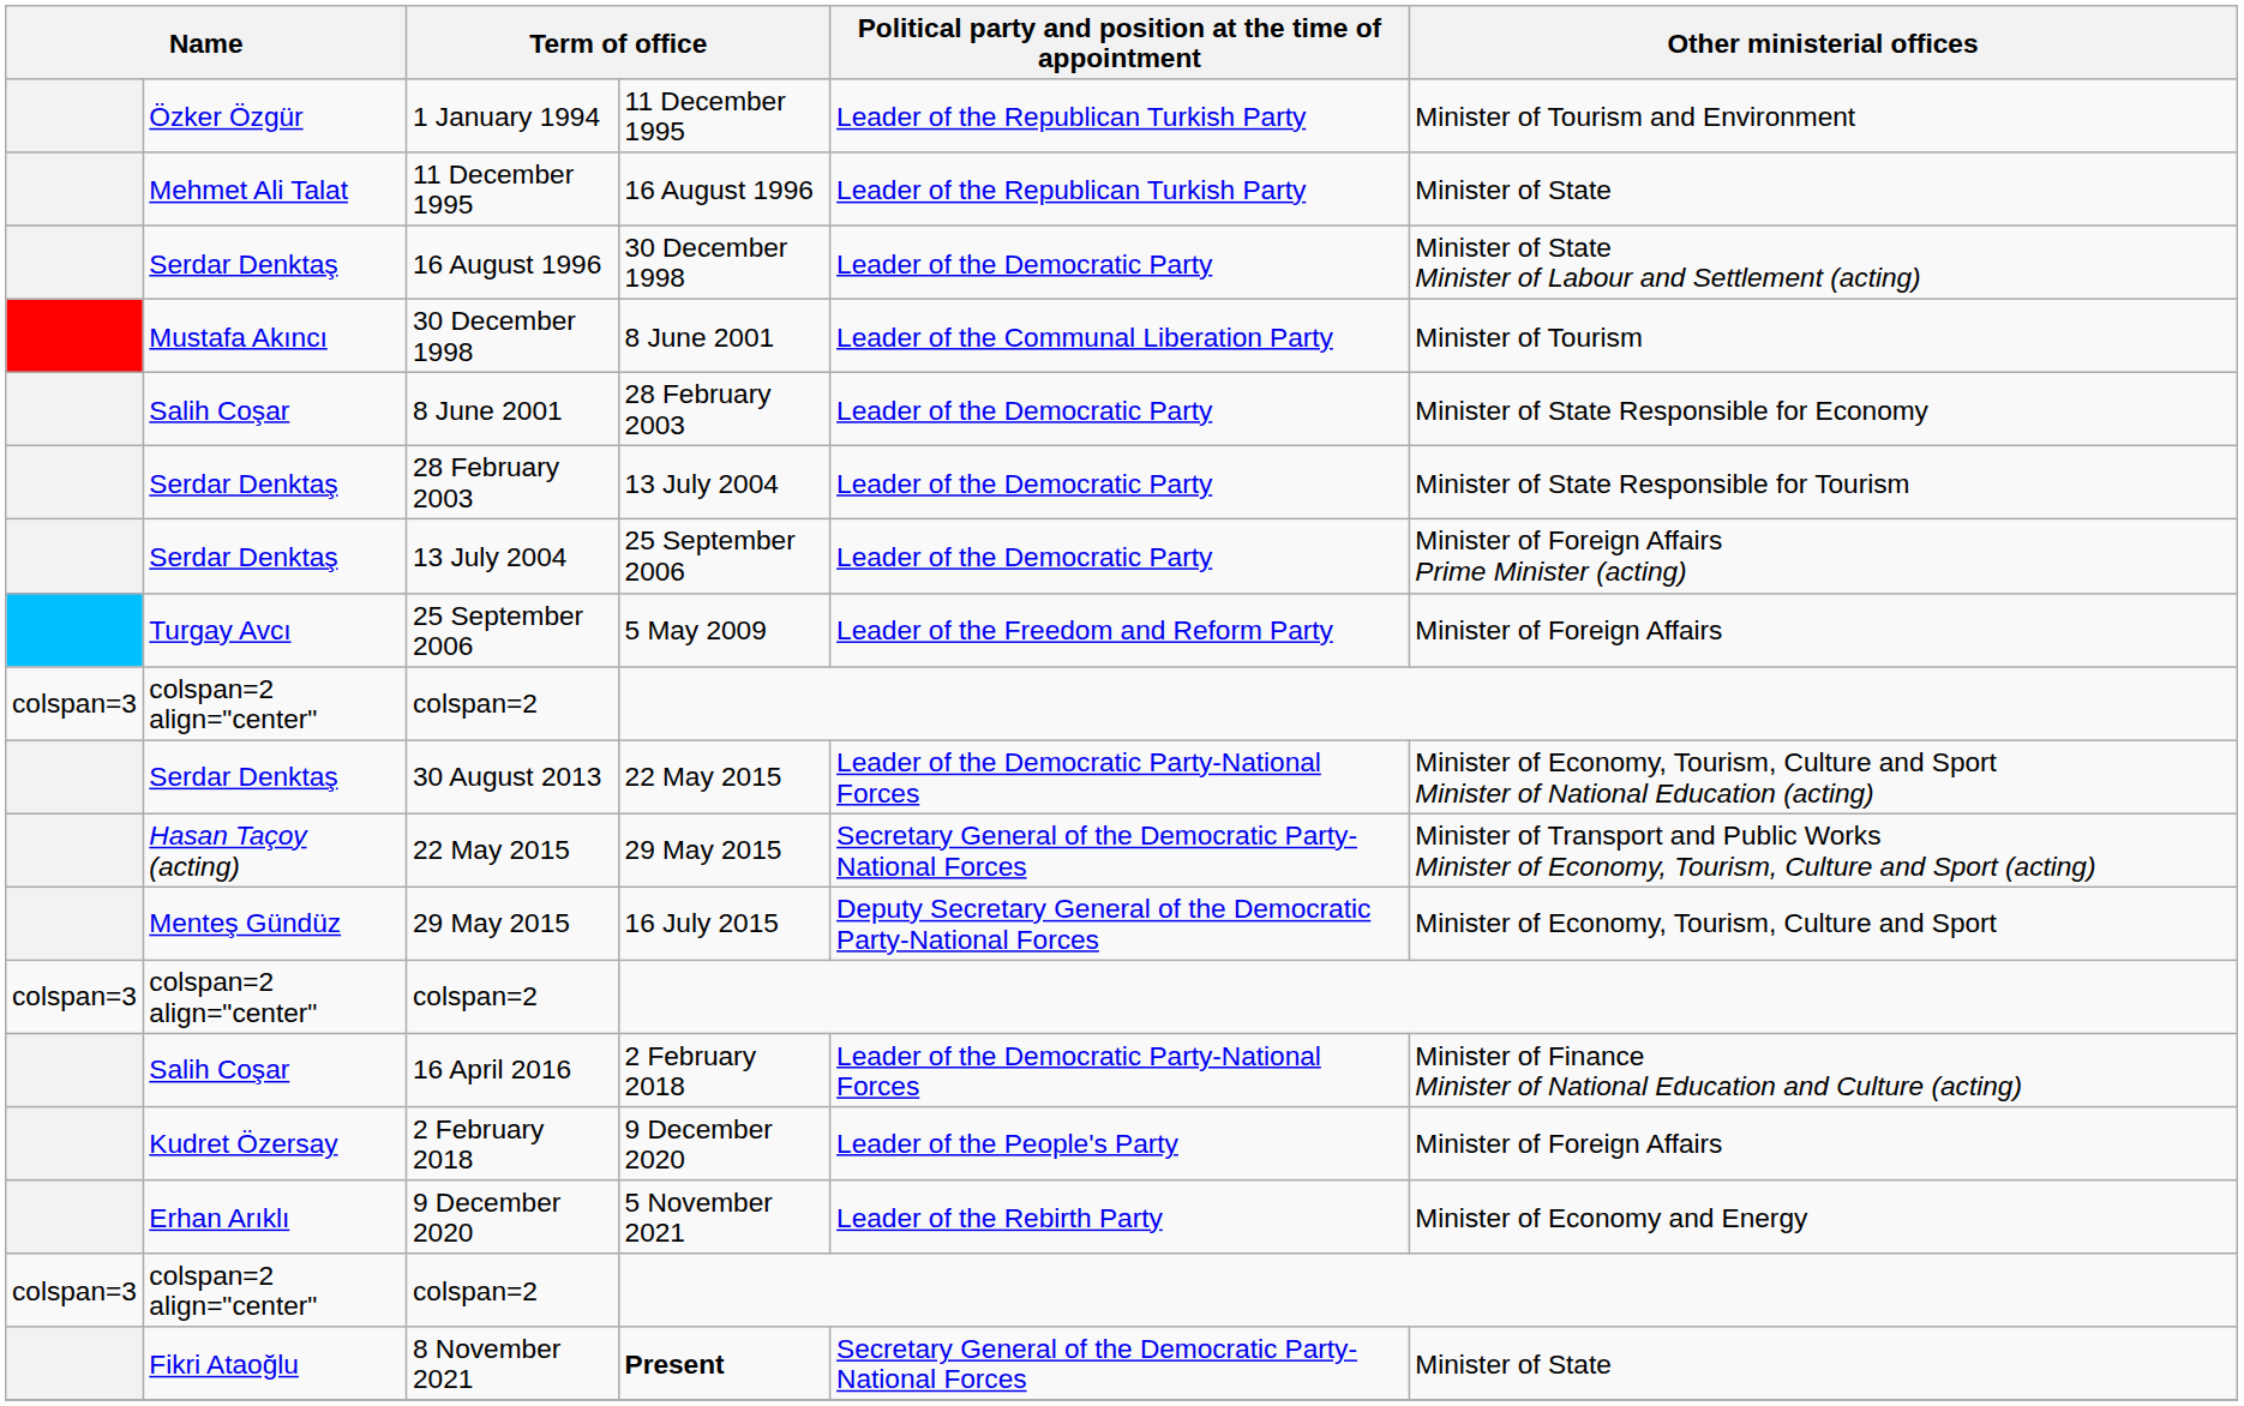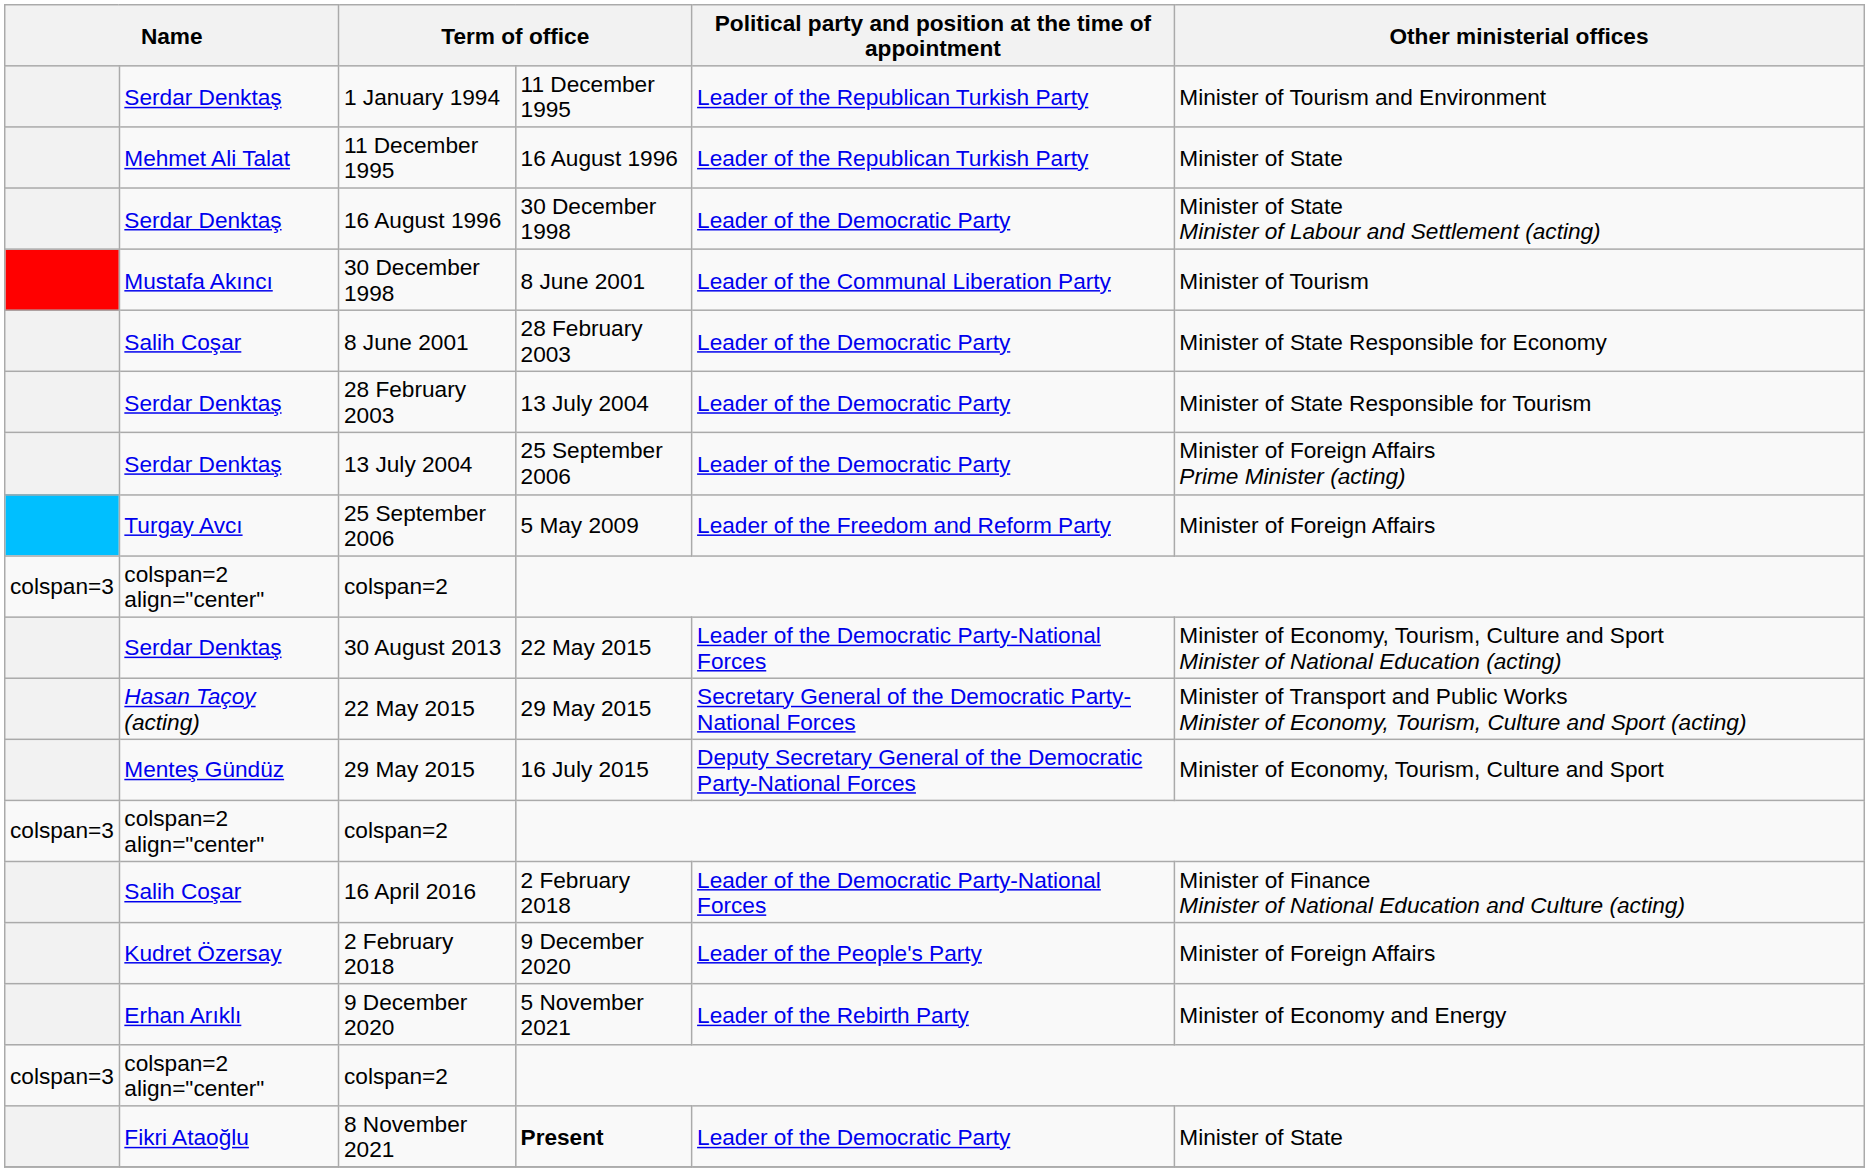 <table class="wikitable" style="font-size:95%">
 <tr>
 <th colspan=2>Name</th>
 <th colspan=2>Term of office</th>
 <th>Political party and position at the time of appointment</th>
 <th style="width:30em">Other ministerial offices</th>
 </tr>
 <tr>
 <th style="background-color: "></th>
-<td><a href='#'>Özker Özgür</a></td>
+<td><a href='#'>Serdar Denktaş</a></td>
 <td>1 January 1994</td>
 <td>11 December 1995</td>
 <td><a href='#'>Leader of the Republican Turkish Party</a></td>
 <td>Minister of Tourism and Environment</td>
 </tr>
 <tr>
 <th style="background-color: "></th>
 <td><a href='#'>Mehmet Ali Talat</a></td>
 <td>11 December 1995</td>
 <td>16 August 1996</td>
 <td><a href='#'>Leader of the Republican Turkish Party</a></td>
 <td>Minister of State</td>
 </tr>
 <tr>
 <th style="background-color: "></th>
 <td><a href='#'>Serdar Denktaş</a></td>
 <td>16 August 1996</td>
 <td>30 December 1998</td>
 <td><a href='#'>Leader of the Democratic Party</a></td>
 <td>Minister of State<br><em>Minister of Labour and Settlement (acting)</em></td>
 </tr>
 <tr>
 <th style="background-color: red"></th>
 <td><a href='#'>Mustafa Akıncı</a></td>
 <td>30 December 1998</td>
 <td>8 June 2001</td>
 <td><a href='#'>Leader of the Communal Liberation Party</a></td>
 <td>Minister of Tourism</td>
 </tr>
 <tr>
 <th style="background-color: "></th>
 <td><a href='#'>Salih Coşar</a></td>
 <td>8 June 2001</td>
 <td>28 February 2003</td>
 <td><a href='#'>Leader of the Democratic Party</a></td>
 <td>Minister of State Responsible for Economy</td>
 </tr>
 <tr>
 <th style="background-color: "></th>
 <td><a href='#'>Serdar Denktaş</a></td>
 <td>28 February 2003</td>
 <td>13 July 2004</td>
 <td><a href='#'>Leader of the Democratic Party</a></td>
 <td>Minister of State Responsible for Tourism</td>
 </tr>
 <tr>
 <th style="background-color: "></th>
 <td><a href='#'>Serdar Denktaş</a></td>
 <td>13 July 2004</td>
 <td>25 September 2006</td>
 <td><a href='#'>Leader of the Democratic Party</a></td>
 <td>Minister of Foreign Affairs<br><em>Prime Minister (acting)</em></td>
 </tr>
 <tr>
 <th style="background-color: #00BFFF"></th>
 <td><a href='#'>Turgay Avcı</a></td>
 <td>25 September 2006</td>
 <td>5 May 2009</td>
 <td><a href='#'>Leader of the Freedom and Reform Party</a></td>
 <td>Minister of Foreign Affairs</td>
 </tr>
 <tr>
 <td>colspan=3 </td>
 <td>colspan=2 align="center" </td>
 <td>colspan=2 </td>
 </tr>
 <tr>
 <th style="background-color: "></th>
 <td><a href='#'>Serdar Denktaş</a></td>
 <td>30 August 2013</td>
 <td>22 May 2015</td>
 <td><a href='#'>Leader of the Democratic Party-National Forces</a></td>
 <td>Minister of Economy, Tourism, Culture and Sport<br><em>Minister of National Education (acting)</em></td>
 </tr>
 <tr>
 <th style="background-color: "></th>
 <td><em><a href='#'>Hasan Taçoy</a> (acting)</em></td>
 <td>22 May 2015</td>
 <td>29 May 2015</td>
 <td><a href='#'>Secretary General of the Democratic Party-National Forces</a></td>
 <td>Minister of Transport and Public Works<br><em>Minister of Economy, Tourism, Culture and Sport (acting)</em></td>
 </tr>
 <tr>
 <th style="background-color: "></th>
 <td><a href='#'>Menteş Gündüz</a></td>
 <td>29 May 2015</td>
 <td>16 July 2015</td>
 <td><a href='#'>Deputy Secretary General of the Democratic Party-National Forces</a></td>
 <td>Minister of Economy, Tourism, Culture and Sport</td>
 </tr>
 <tr>
 <td>colspan=3 </td>
 <td>colspan=2 align="center" </td>
 <td>colspan=2 </td>
 </tr>
 <tr>
 <th style="background-color: "></th>
 <td><a href='#'>Salih Coşar</a></td>
 <td>16 April 2016</td>
 <td>2 February 2018</td>
 <td><a href='#'>Leader of the Democratic Party-National Forces</a></td>
 <td>Minister of Finance<br><em>Minister of National Education and Culture (acting)</em></td>
 </tr>
 <tr>
 <th style="background-color: "></th>
 <td><a href='#'>Kudret Özersay</a></td>
 <td>2 February 2018</td>
 <td>9 December 2020</td>
 <td><a href='#'>Leader of the People's Party</a></td>
 <td>Minister of Foreign Affairs</td>
 </tr>
 <tr>
 <th style="background-color: "></th>
 <td><a href='#'>Erhan Arıklı</a></td>
 <td>9 December 2020</td>
 <td>5 November 2021</td>
 <td><a href='#'>Leader of the Rebirth Party</a></td>
 <td>Minister of Economy and Energy</td>
 </tr>
 <tr>
 <td>colspan=3 </td>
 <td>colspan=2 align="center" </td>
 <td>colspan=2 </td>
 </tr>
 <tr>
 <th style="background-color: "></th>
 <td><a href='#'>Fikri Ataoğlu</a></td>
 <td>8 November 2021</td>
 <td><strong>Present</strong></td>
-<td><a href='#'>Secretary General of the Democratic Party-National Forces</a></td>
+<td><a href='#'>Leader of the Democratic Party</a></td>
 <td>Minister of State</td>
 </tr>
 <tr>
 </tr>
 </table>
